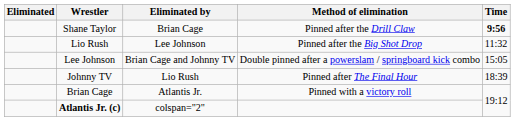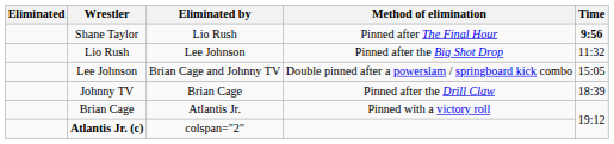 <table class="wikitable sortable" style="text-align:center;">
 <tr>
 <th>Eliminated</th>
 <th>Wrestler</th>
 <th>Eliminated by</th>
 <th>Method of elimination</th>
 <th>Time</th>
 </tr>
 <tr>
 <td></td>
 <td>Shane Taylor</td>
-<td>Brian Cage</td>
-<td>Pinned after the <em><a href='#'>Drill Claw</a></em></td>
+<td>Lio Rush</td>
+<td>Pinned after <em><a href='#'>The Final Hour</a></em></td>
 <td><strong>9:56</strong></td>
 </tr>
 <tr>
 <td></td>
 <td>Lio Rush</td>
 <td>Lee Johnson</td>
 <td>Pinned after the <em><a href='#'>Big Shot Drop</a></em></td>
 <td>11:32</td>
 </tr>
 <tr>
 <td></td>
 <td>Lee Johnson</td>
 <td>Brian Cage and Johnny TV</td>
 <td>Double pinned after a <a href='#'>powerslam</a> / <a href='#'>springboard kick</a> combo</td>
 <td>15:05</td>
 </tr>
 <tr>
 <td></td>
 <td>Johnny TV</td>
-<td>Lio Rush</td>
-<td>Pinned after <em><a href='#'>The Final Hour</a></em></td>
+<td>Brian Cage</td>
+<td>Pinned after the <em><a href='#'>Drill Claw</a></em></td>
 <td>18:39</td>
 </tr>
 <tr>
 <td></td>
 <td>Brian Cage</td>
 <td>Atlantis Jr.</td>
 <td>Pinned with a <a href='#'>victory roll</a></td>
 <td rowspan=2>19:12</td>
 </tr>
 <tr>
 <td><strong></strong></td>
 <td><strong>Atlantis Jr. (c)</strong></td>
 <td>colspan="2" </td>
 </tr>
 </table>
